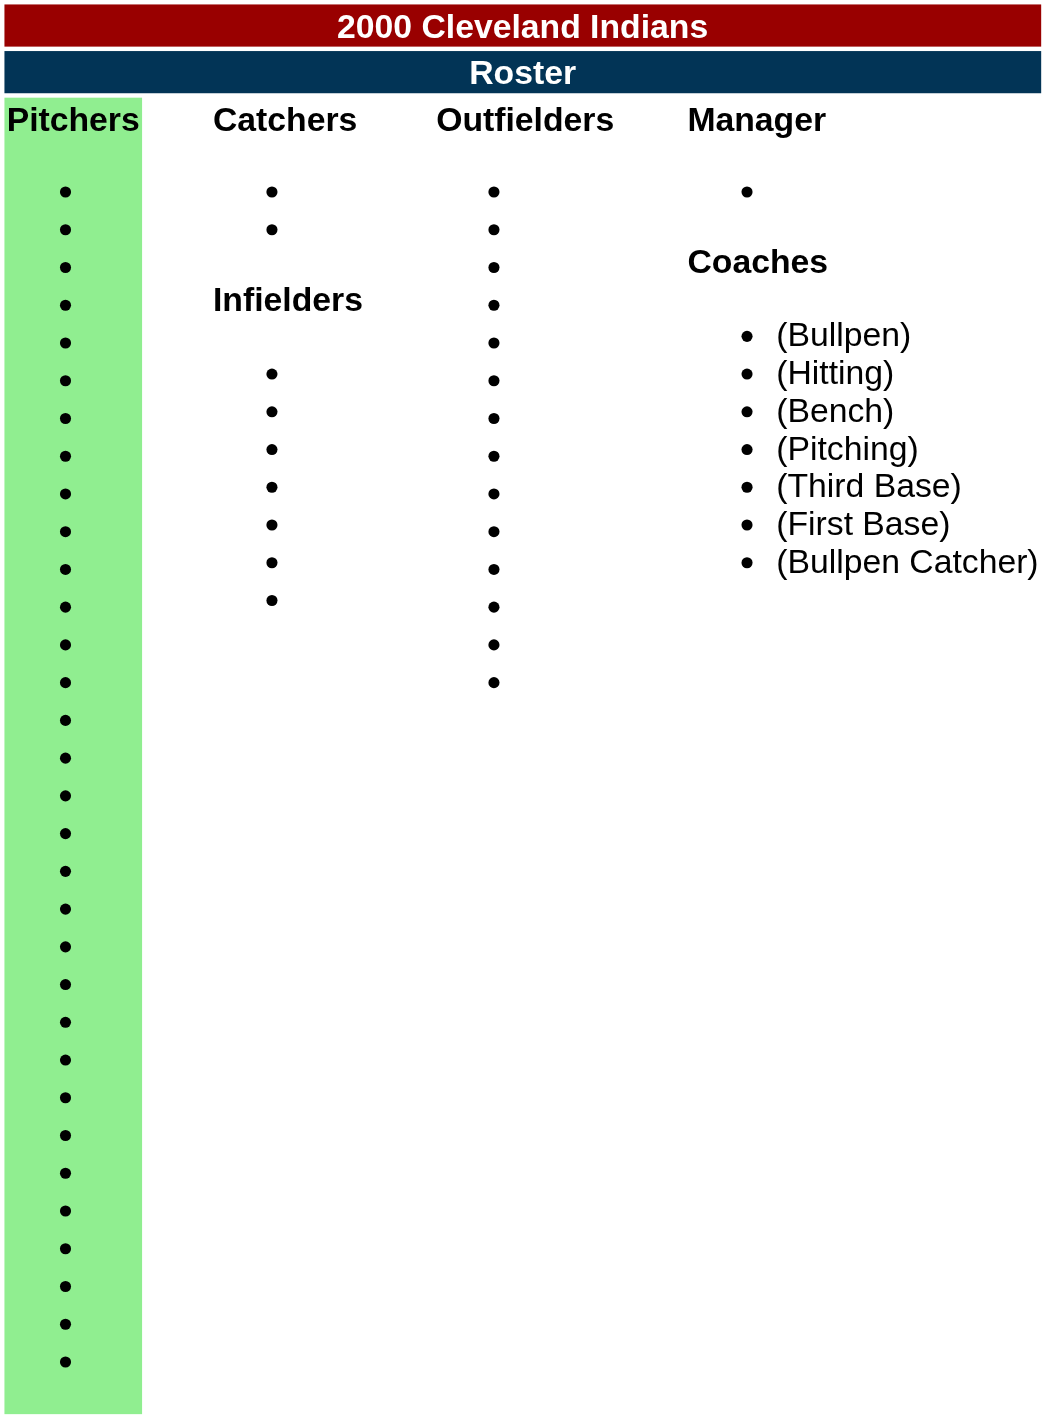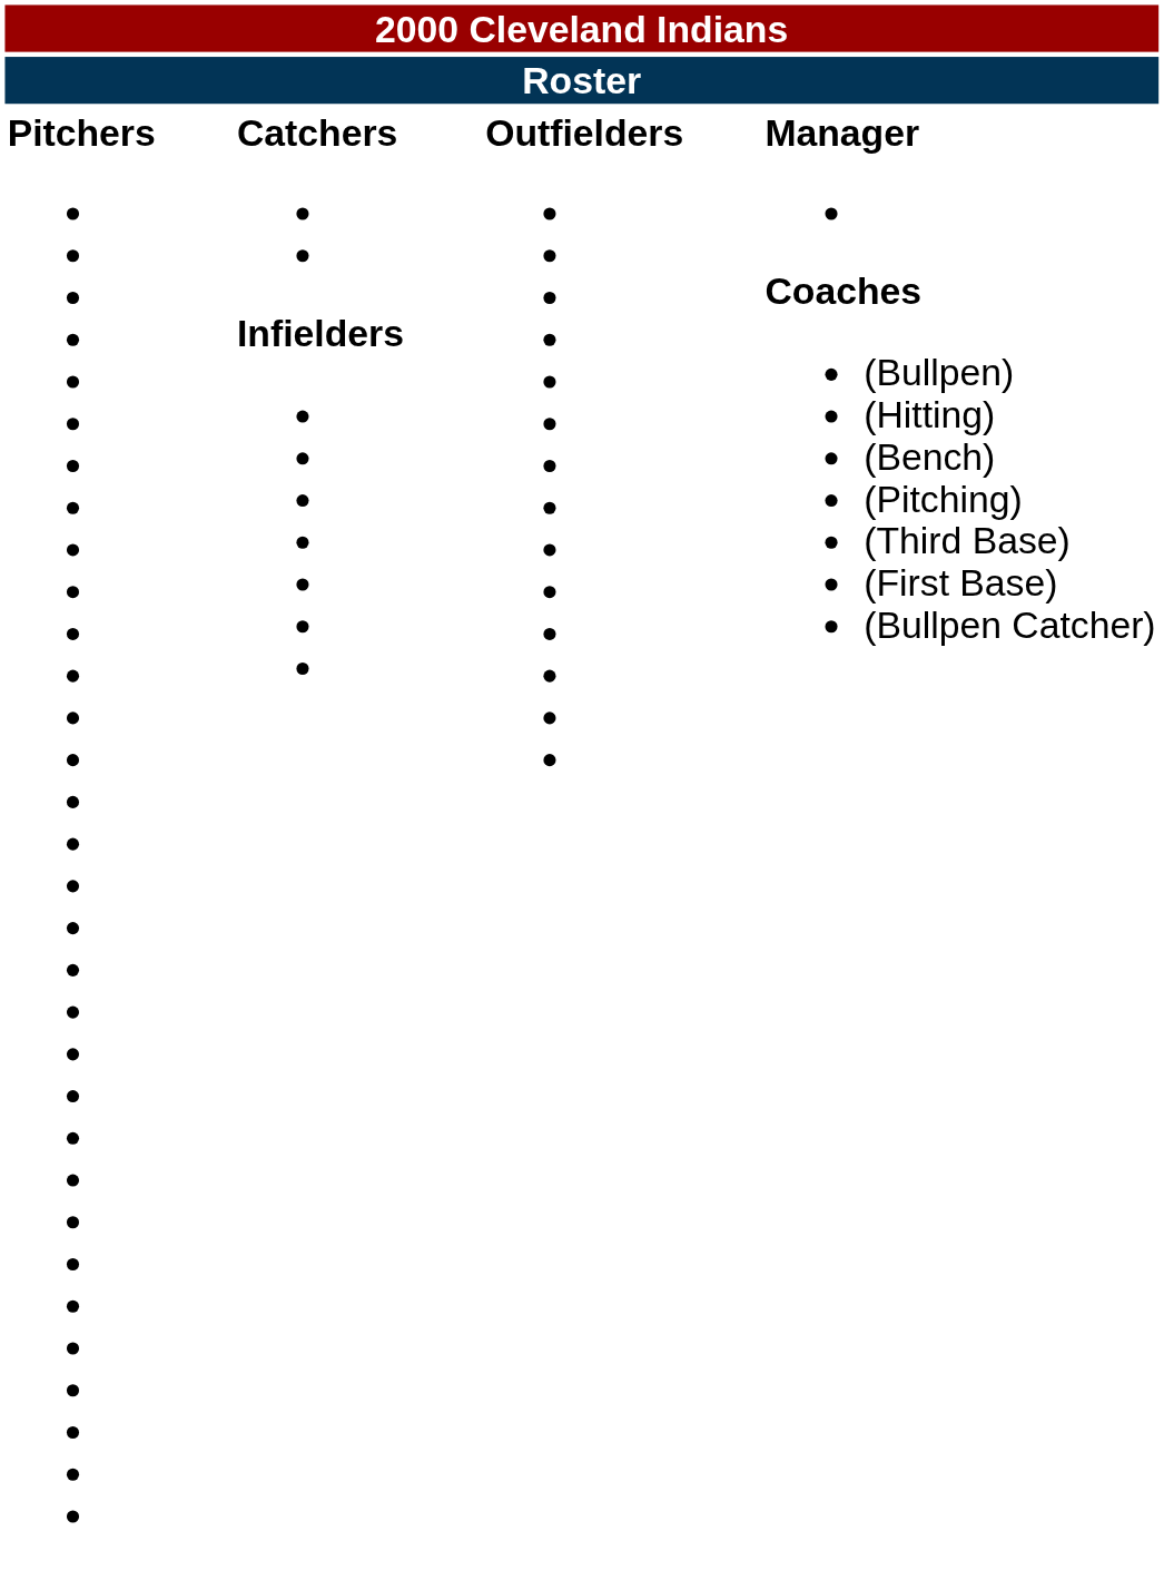 <table class="toccolours" style="font-size: 95%;">
 <tr>
 <th colspan="10" style="background-color: #990000; color: white; text-align: center;">2000 Cleveland Indians</th>
 </tr>
 <tr>
 <td colspan="10" style="background-color: #023456; color: #FFFFFF; text-align: center;"><strong>Roster</strong></td>
 </tr>
 <tr>
-<td valign="top" style="background: lightgreen;"><strong>Pitchers</strong><br><ul><li></li><li></li><li></li><li></li><li></li><li></li><li></li><li></li><li></li><li></li><li></li><li></li><li></li><li></li><li></li><li></li><li></li><li></li><li></li><li></li><li></li><li></li><li></li><li></li><li></li><li></li><li></li><li></li><li></li><li></li><li></li><li></li></ul></td>
+<td valign="top"><strong>Pitchers</strong><br><ul><li></li><li></li><li></li><li></li><li></li><li></li><li></li><li></li><li></li><li></li><li></li><li></li><li></li><li></li><li></li><li></li><li></li><li></li><li></li><li></li><li></li><li></li><li></li><li></li><li></li><li></li><li></li><li></li><li></li><li></li><li></li><li></li></ul></td>
 <td width="25px"></td>
 <td valign="top"><strong>Catchers</strong><br><ul><li></li><li></li></ul><strong>Infielders</strong><ul><li></li><li></li><li></li><li></li><li></li><li></li><li></li></ul></td>
 <td width="25px"></td>
 <td valign="top"><strong>Outfielders</strong><br><ul><li></li><li></li><li></li><li></li><li></li><li></li><li></li><li></li><li></li><li></li><li></li><li></li><li></li><li></li></ul></td>
 <td width="25px"></td>
 <td valign="top"><strong>Manager</strong><br><ul><li></li></ul><strong>Coaches</strong><ul><li> (Bullpen)</li><li> (Hitting)</li><li> (Bench)</li><li> (Pitching)</li><li> (Third Base)</li><li> (First Base)</li><li> (Bullpen Catcher)</li></ul></td>
 </tr>
 </table>
